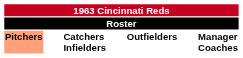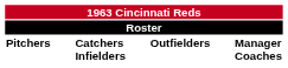 <table class="toccolours" style="font-size: 95%;">
 <tr>
 <th colspan="10" style="background-color: #c6011f; color: white; text-align: center;">1963 Cincinnati Reds</th>
 </tr>
 <tr>
 <td colspan="10" style="background-color: black; color: white; text-align: center;"><strong>Roster</strong></td>
 </tr>
 <tr>
-<td valign="top" style="background: lightsalmon;"><strong>Pitchers</strong><br>           </td>
+<td valign="top"><strong>Pitchers</strong><br>           </td>
 <td width="25px"></td>
 <td valign="top"><strong>Catchers</strong><br>     <strong>Infielders</strong>           </td>
 <td width="25px"></td>
 <td valign="top"><strong>Outfielders</strong><br>      </td>
 <td width="25px"></td>
 <td valign="top"><strong>Manager</strong><br> <strong>Coaches</strong>    </td>
 </tr>
 </table>
